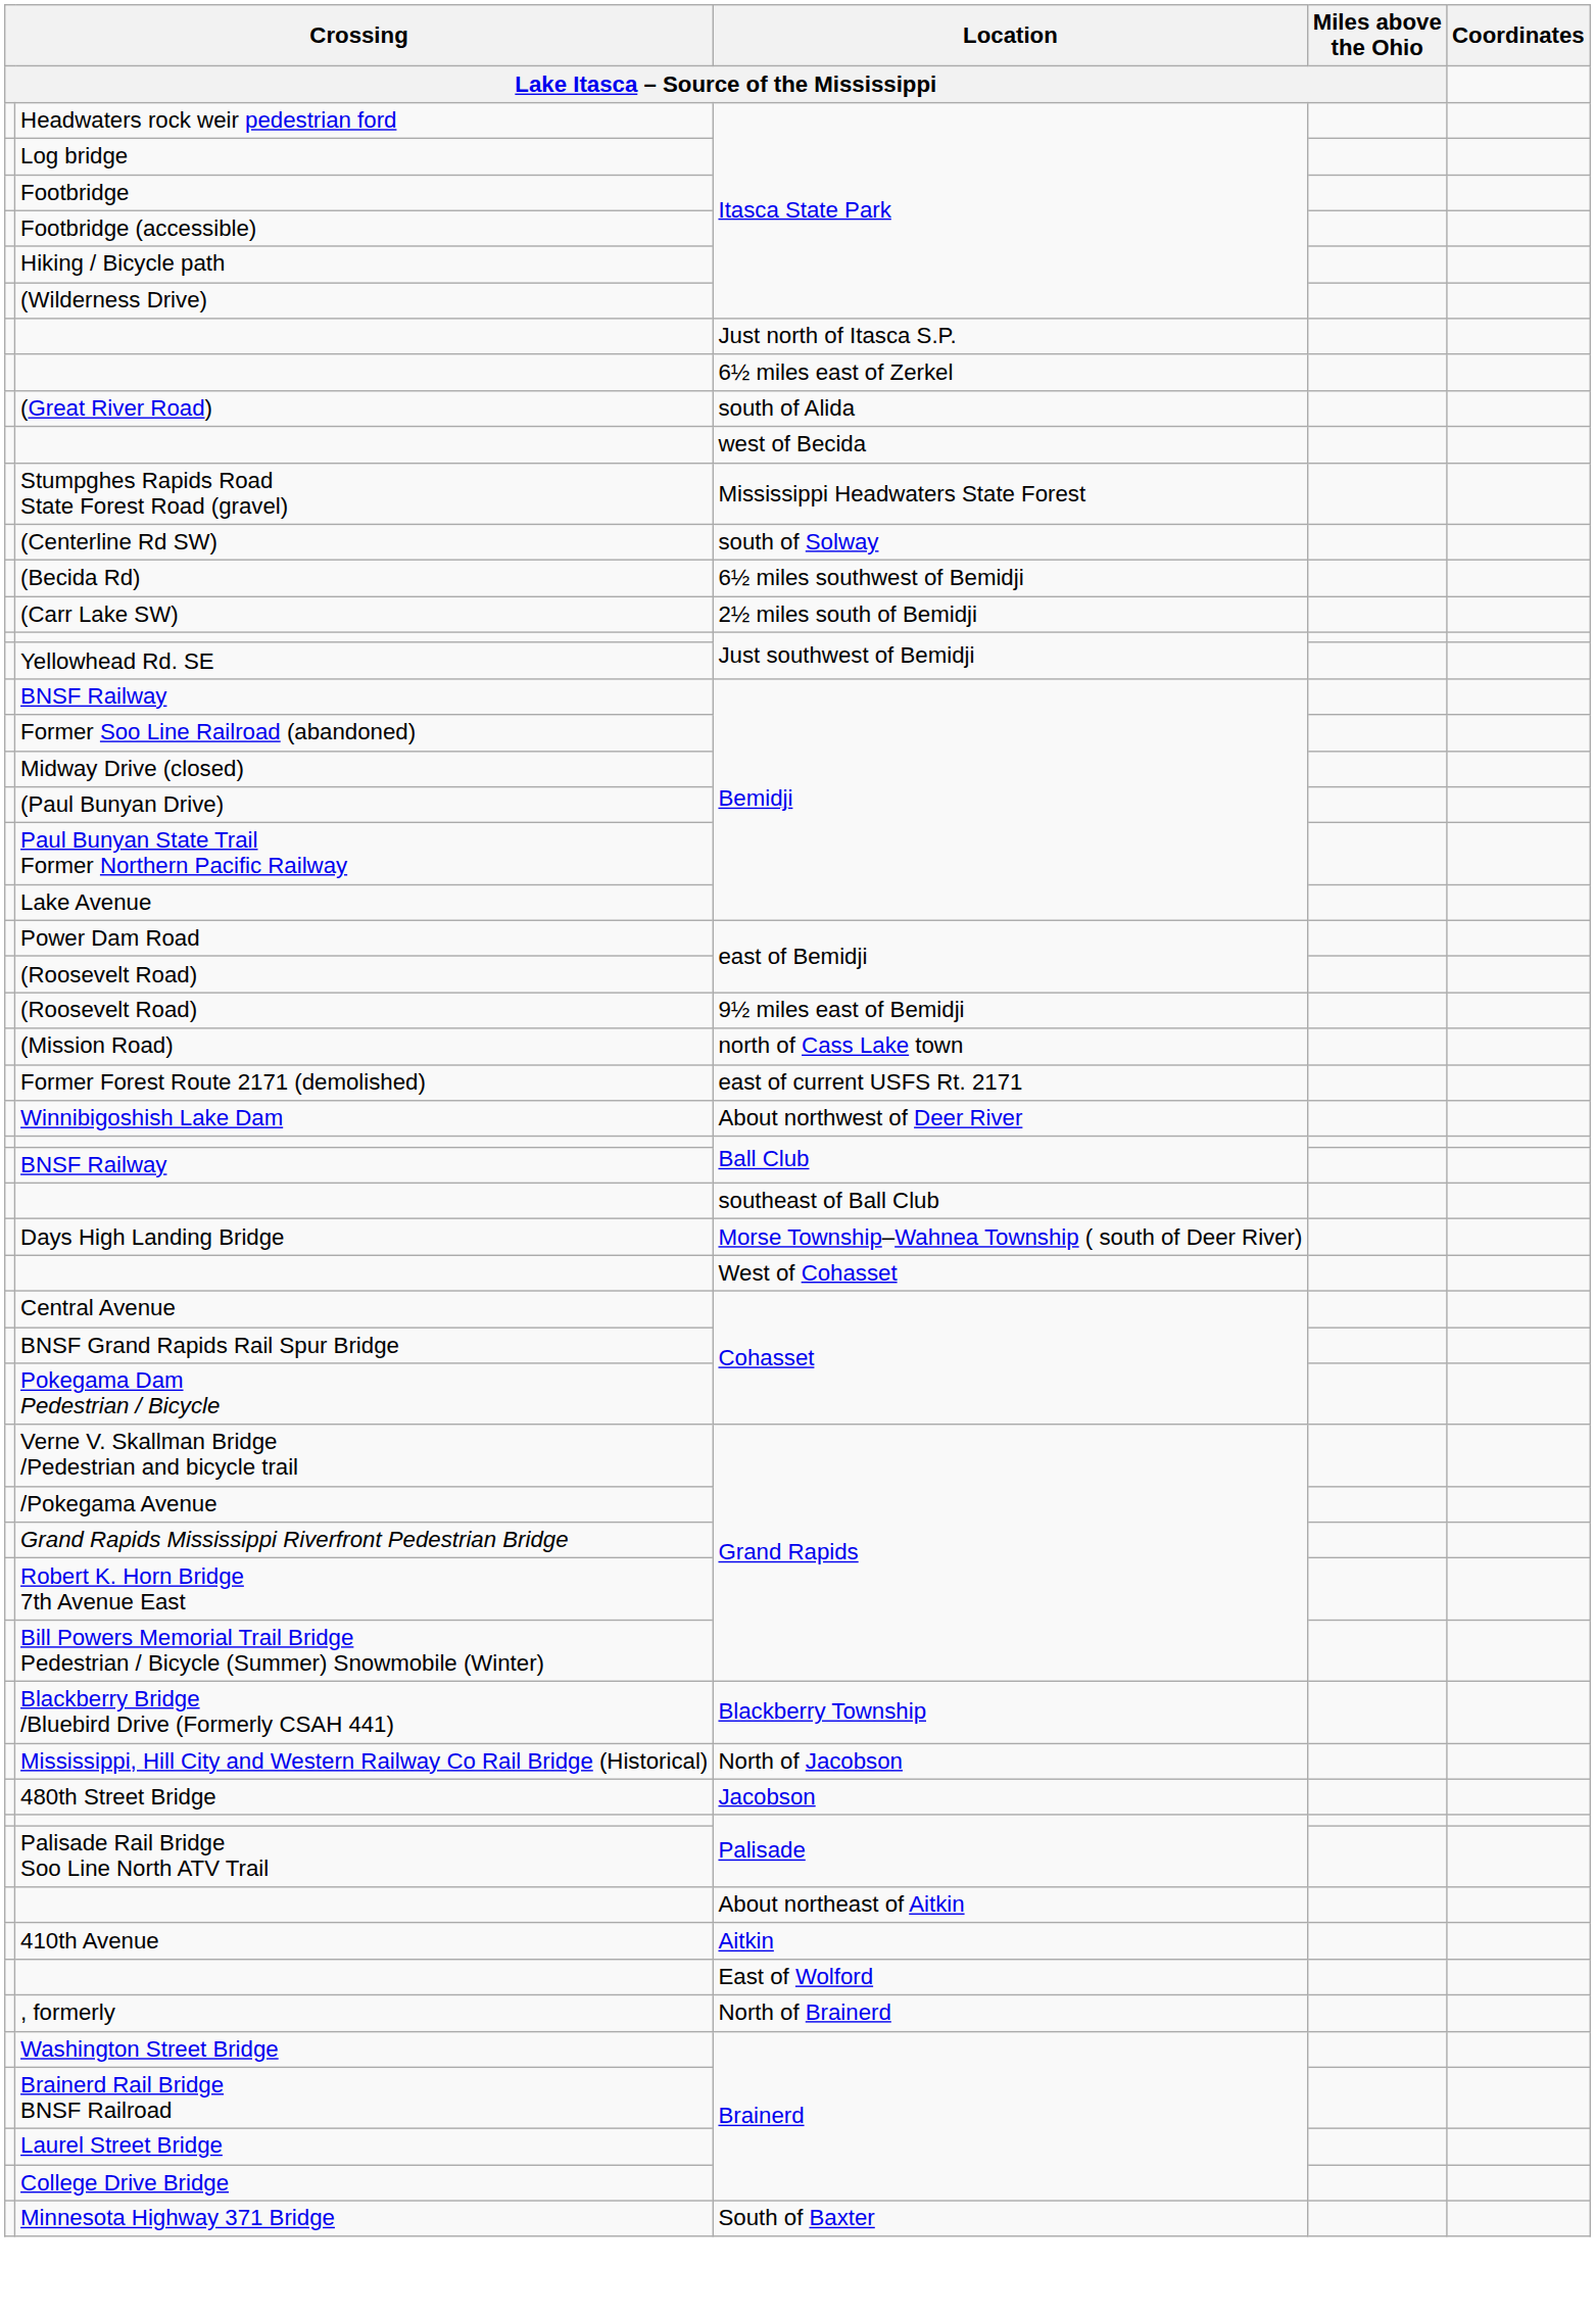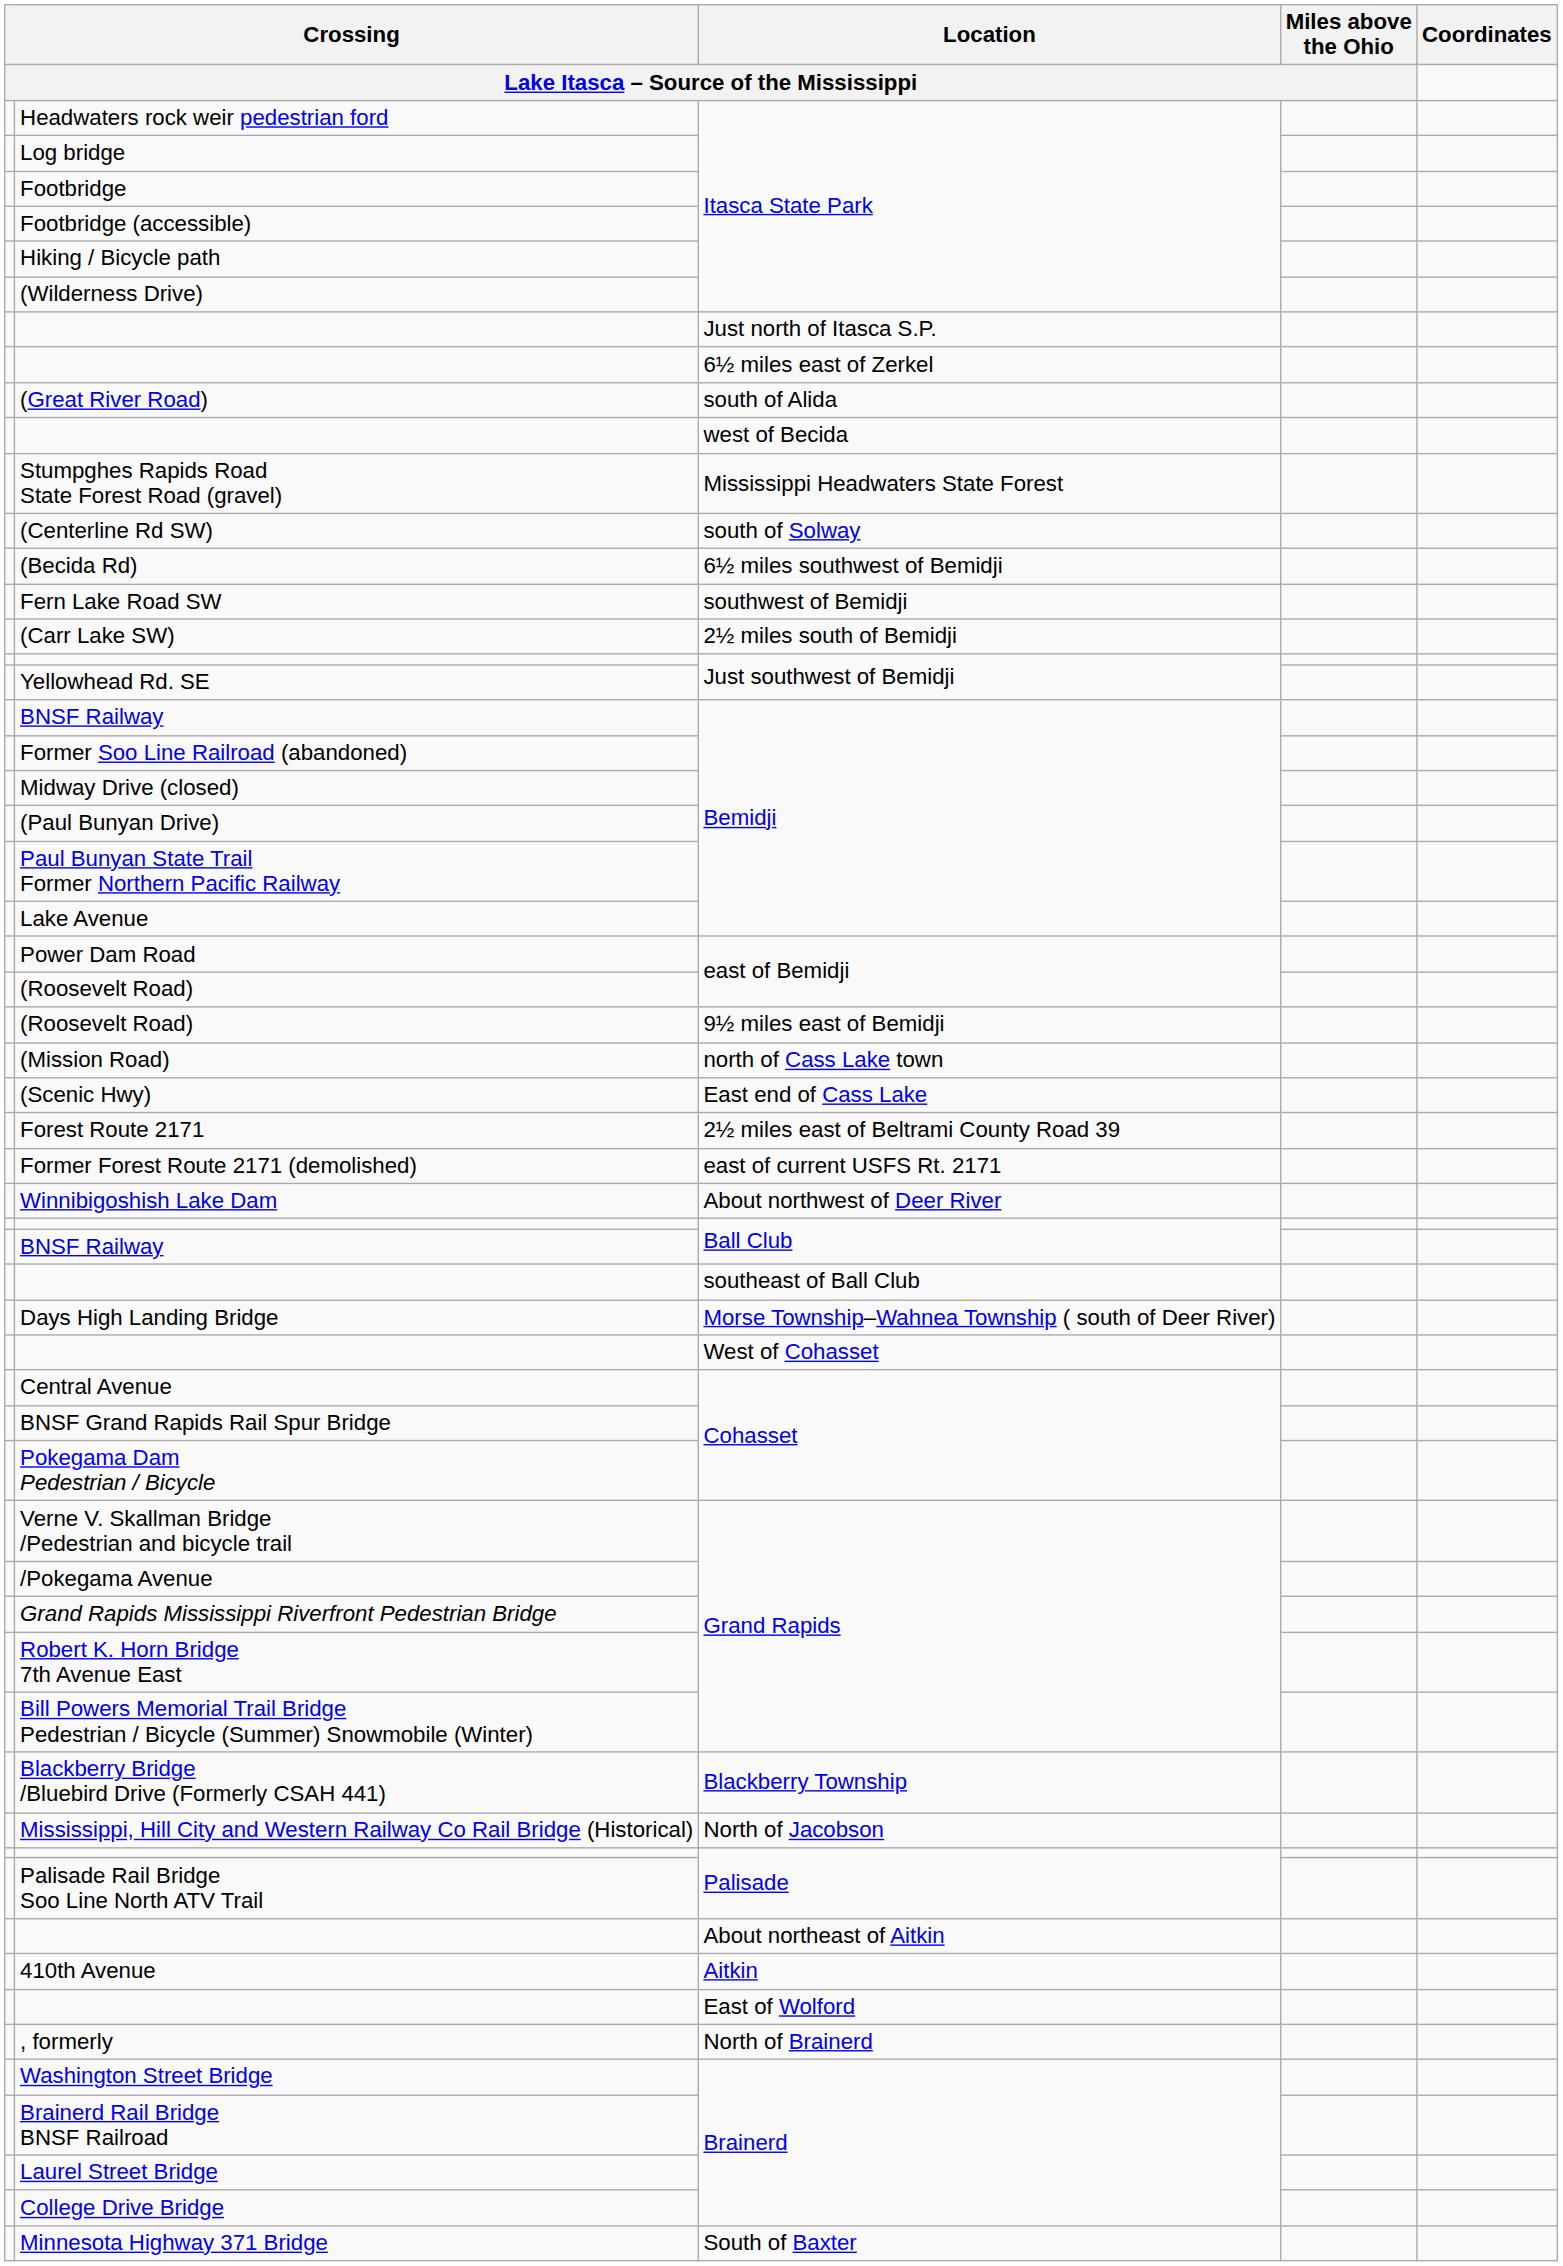 <table class="wikitable">
 <tr>
 <th colspan="2">Crossing</th>
 <th>Location</th>
 <th>Miles above<br>the Ohio</th>
 <th>Coordinates</th>
 </tr>
 <tr>
 <th colspan="4"><a href='#'>Lake Itasca</a> – Source of the Mississippi</th>
 <td></td>
 </tr>
 <tr>
 <td></td>
 <td>Headwaters rock weir <a href='#'>pedestrian ford</a></td>
 <td rowspan="6"><a href='#'>Itasca State Park</a></td>
 <td></td>
 <td></td>
 </tr>
 <tr>
 <td></td>
 <td>Log bridge</td>
 <td></td>
 <td></td>
 </tr>
 <tr>
 <td></td>
 <td>Footbridge</td>
 <td></td>
 <td></td>
 </tr>
 <tr>
 <td></td>
 <td>Footbridge (accessible)</td>
 <td></td>
 <td></td>
 </tr>
 <tr>
 <td></td>
 <td>Hiking / Bicycle path</td>
 <td></td>
 <td></td>
 </tr>
 <tr>
 <td></td>
 <td> (Wilderness Drive)</td>
 <td></td>
 <td></td>
 </tr>
 <tr>
 <td></td>
 <td></td>
 <td>Just north of Itasca S.P.</td>
 <td></td>
 <td></td>
 </tr>
 <tr>
 <td></td>
 <td></td>
 <td>6½ miles east of Zerkel</td>
 <td></td>
 <td></td>
 </tr>
 <tr>
 <td></td>
 <td> (<a href='#'>Great River Road</a>)</td>
 <td> south of Alida</td>
 <td></td>
 <td></td>
 </tr>
 <tr>
 <td></td>
 <td></td>
 <td> west of Becida</td>
 <td></td>
 <td></td>
 </tr>
 <tr>
 <td></td>
 <td>Stumpghes Rapids Road<br>State Forest Road (gravel)</td>
 <td>Mississippi Headwaters State Forest</td>
 <td></td>
 <td></td>
 </tr>
 <tr>
 <td></td>
 <td> (Centerline Rd SW)</td>
 <td> south of <a href='#'>Solway</a></td>
 <td></td>
 <td></td>
 </tr>
 <tr>
 <td></td>
 <td> (Becida Rd)</td>
 <td>6½ miles southwest of Bemidji</td>
 <td></td>
 <td></td>
 </tr>
 <tr>
 <td></td>
+<td>Fern Lake Road SW</td>
+<td> southwest of Bemidji</td>
+<td></td>
+<td></td>
+</tr>
+<tr>
+<td></td>
 <td> (Carr Lake SW)</td>
 <td>2½ miles south of Bemidji</td>
 <td></td>
 <td></td>
 </tr>
 <tr>
 <td></td>
 <td></td>
 <td rowspan=2>Just southwest of Bemidji</td>
 <td></td>
 <td></td>
 </tr>
 <tr>
 <td></td>
 <td>Yellowhead Rd. SE</td>
 <td></td>
 <td></td>
 </tr>
 <tr>
 <td></td>
 <td><a href='#'>BNSF Railway</a></td>
 <td rowspan=6><a href='#'>Bemidji</a></td>
 <td></td>
 <td></td>
 </tr>
 <tr>
 <td></td>
 <td>Former <a href='#'>Soo Line Railroad</a> (abandoned)</td>
 <td></td>
 <td></td>
 </tr>
 <tr>
 <td></td>
 <td>Midway Drive (closed)</td>
 <td></td>
 <td></td>
 </tr>
 <tr>
 <td></td>
 <td> (Paul Bunyan Drive)</td>
 <td></td>
 <td></td>
 </tr>
 <tr>
 <td></td>
 <td><a href='#'>Paul Bunyan State Trail</a><br> Former <a href='#'>Northern Pacific Railway</a></td>
 <td></td>
 <td></td>
 </tr>
 <tr>
 <td></td>
 <td>Lake Avenue</td>
 <td></td>
 <td></td>
 </tr>
 <tr>
 <td></td>
 <td>Power Dam Road</td>
 <td rowspan="2"> east of Bemidji</td>
 <td></td>
 <td></td>
 </tr>
 <tr>
 <td></td>
 <td> (Roosevelt Road)</td>
 <td></td>
 <td></td>
 </tr>
 <tr>
 <td></td>
 <td> (Roosevelt Road)</td>
 <td>9½ miles east of Bemidji</td>
 <td></td>
 <td></td>
 </tr>
 <tr>
 <td></td>
 <td> (Mission Road)</td>
 <td> north of <a href='#'>Cass Lake</a> town</td>
+<td></td>
+<td></td>
+</tr>
+<tr>
+<td></td>
+<td> (Scenic Hwy)</td>
+<td>East end of <a href='#'>Cass Lake</a></td>
+<td></td>
+<td></td>
+</tr>
+<tr>
+<td></td>
+<td>Forest Route 2171</td>
+<td>2½ miles east of Beltrami County Road 39</td>
 <td></td>
 <td></td>
 </tr>
 <tr>
 <td></td>
 <td>Former Forest Route 2171 (demolished)</td>
 <td> east of current USFS Rt. 2171</td>
 <td></td>
 <td></td>
 </tr>
 <tr>
 <td></td>
 <td><a href='#'>Winnibigoshish Lake Dam</a><br></td>
 <td>About  northwest of <a href='#'>Deer River</a></td>
 <td></td>
 <td></td>
 </tr>
 <tr>
 <td></td>
 <td></td>
 <td rowspan=2><a href='#'>Ball Club</a></td>
 <td></td>
 <td></td>
 </tr>
 <tr>
 <td></td>
 <td><a href='#'>BNSF Railway</a></td>
 <td></td>
 <td></td>
 </tr>
 <tr>
 <td></td>
 <td></td>
 <td> southeast of Ball Club</td>
 <td></td>
 <td></td>
 </tr>
 <tr>
 <td></td>
 <td>Days High Landing Bridge<br></td>
 <td><a href='#'>Morse Township</a>–<a href='#'>Wahnea Township</a> ( south of Deer River)</td>
 <td></td>
 <td></td>
 </tr>
 <tr>
 <td></td>
 <td></td>
 <td>West of <a href='#'>Cohasset</a></td>
 <td></td>
 <td></td>
 </tr>
 <tr>
 <td></td>
 <td> Central Avenue</td>
 <td rowspan="3"><a href='#'>Cohasset</a></td>
 <td></td>
 <td></td>
 </tr>
 <tr>
 <td></td>
 <td>BNSF Grand Rapids Rail Spur Bridge</td>
 <td></td>
 <td></td>
 </tr>
 <tr>
 <td></td>
 <td><a href='#'>Pokegama Dam</a><br><em>Pedestrian / Bicycle</em></td>
 <td></td>
 <td></td>
 </tr>
 <tr>
 <td></td>
 <td>Verne V. Skallman Bridge<br>/Pedestrian and bicycle trail</td>
 <td rowspan="5"><a href='#'>Grand Rapids</a></td>
 <td></td>
 <td></td>
 </tr>
 <tr>
 <td></td>
 <td>/Pokegama Avenue</td>
 <td></td>
 <td></td>
 </tr>
 <tr>
 <td></td>
 <td><em>Grand Rapids Mississippi Riverfront Pedestrian Bridge</em></td>
 <td></td>
 <td></td>
 </tr>
 <tr>
 <td></td>
 <td><a href='#'>Robert K. Horn Bridge</a><br>7th Avenue East</td>
 <td></td>
 <td></td>
 </tr>
 <tr>
 <td></td>
 <td><a href='#'>Bill Powers Memorial Trail Bridge</a><br>Pedestrian / Bicycle (Summer) Snowmobile (Winter)</td>
 <td></td>
 <td></td>
 </tr>
 <tr>
 <td></td>
 <td><a href='#'>Blackberry Bridge</a><br>/Bluebird Drive (Formerly CSAH 441)</td>
 <td><a href='#'>Blackberry Township</a></td>
 <td></td>
 <td></td>
 </tr>
 <tr>
 <td></td>
 <td><a href='#'>Mississippi, Hill City and Western Railway Co Rail Bridge</a> (Historical)</td>
 <td>North of <a href='#'>Jacobson</a></td>
 <td></td>
 <td></td>
 </tr>
 <tr>
 <td></td>
-<td>480th Street Bridge<br></td>
-<td><a href='#'>Jacobson</a></td>
-<td></td>
-<td></td>
-</tr>
-<tr>
-<td></td>
 <td></td>
 <td rowspan="2"><a href='#'>Palisade</a></td>
 <td></td>
 <td></td>
 </tr>
 <tr>
 <td></td>
 <td>Palisade Rail Bridge<br>Soo Line North ATV Trail</td>
 <td></td>
 <td></td>
 </tr>
 <tr>
 <td></td>
 <td></td>
 <td>About  northeast of <a href='#'>Aitkin</a></td>
 <td></td>
 <td></td>
 </tr>
 <tr>
 <td></td>
 <td>410th Avenue</td>
 <td><a href='#'>Aitkin</a></td>
 <td></td>
 <td></td>
 </tr>
 <tr>
 <td></td>
 <td></td>
 <td>East of <a href='#'>Wolford</a></td>
 <td></td>
 <td></td>
 </tr>
 <tr>
 <td></td>
 <td>, formerly  </td>
 <td>North of <a href='#'>Brainerd</a></td>
 <td></td>
 <td></td>
 </tr>
 <tr>
 <td></td>
 <td><a href='#'>Washington Street Bridge</a><br></td>
 <td rowspan="4"><a href='#'>Brainerd</a></td>
 <td></td>
 <td></td>
 </tr>
 <tr>
 <td></td>
 <td><a href='#'>Brainerd Rail Bridge</a><br>BNSF Railroad</td>
 <td></td>
 <td></td>
 </tr>
 <tr>
 <td></td>
 <td><a href='#'>Laurel Street Bridge</a></td>
 <td></td>
 <td></td>
 </tr>
 <tr>
 <td></td>
 <td><a href='#'>College Drive Bridge</a></td>
 <td></td>
 <td></td>
 </tr>
 <tr>
 <td></td>
 <td><a href='#'>Minnesota Highway 371 Bridge</a><br></td>
 <td>South of <a href='#'>Baxter</a></td>
 <td></td>
 <td></td>
 </tr>
 </table>
